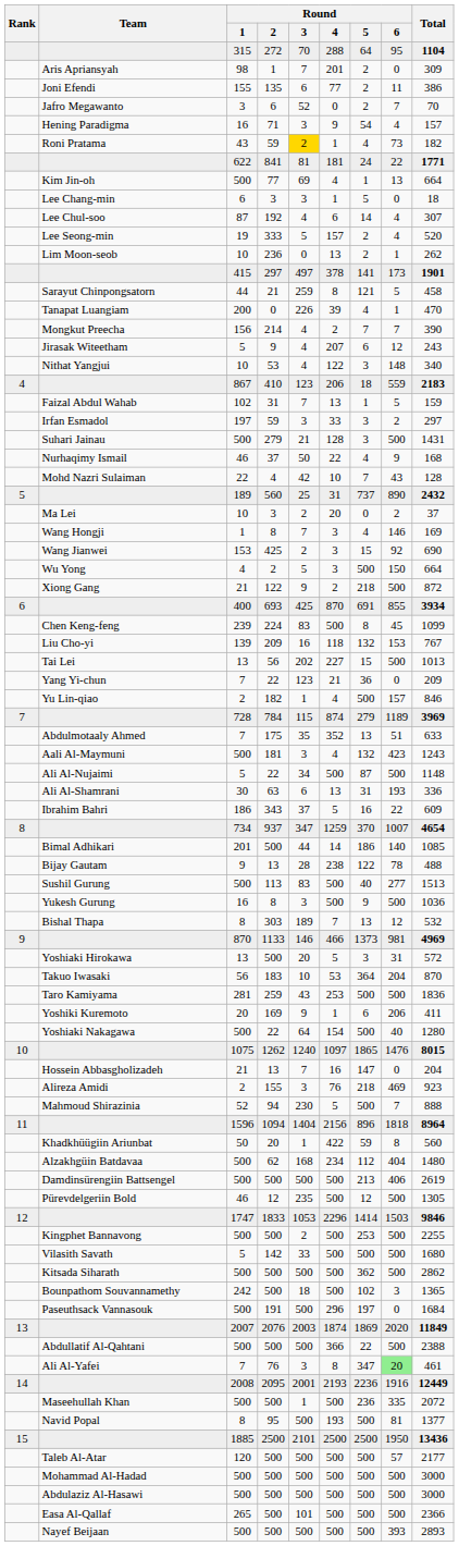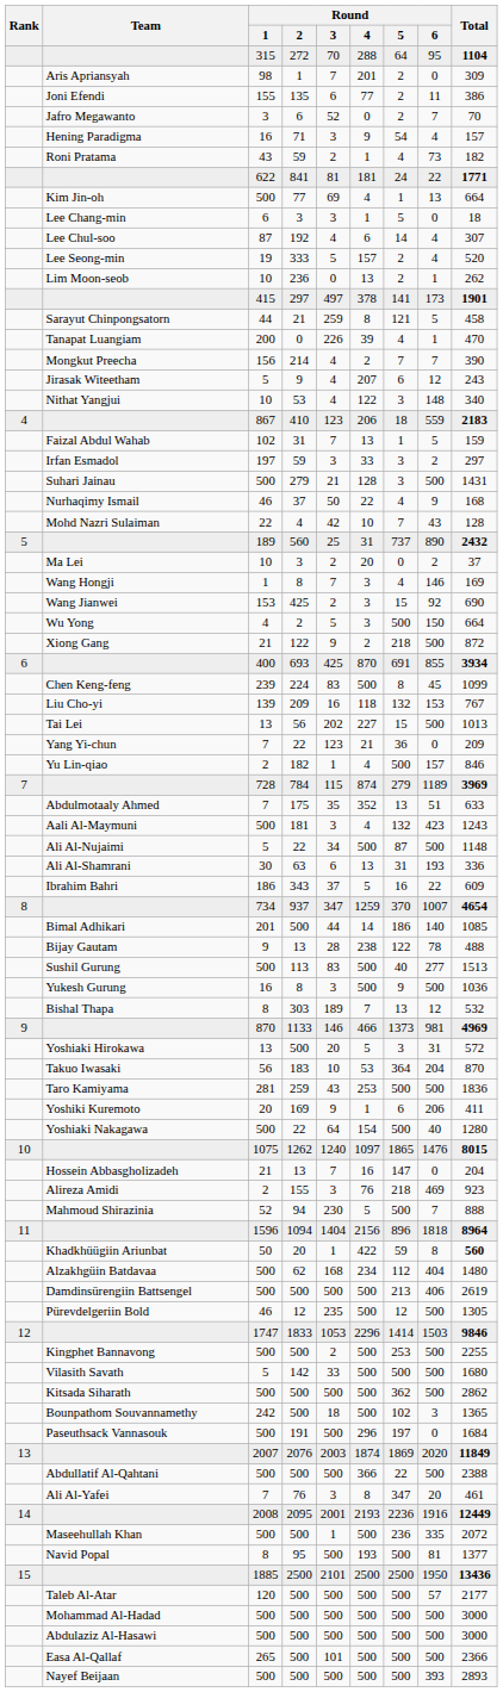 <table class=wikitable style="text-align:center">
 <tr>
 <th rowspan="2" width=40>Rank</th>
 <th rowspan="2" width=250>Team</th>
 <th colspan="6">Round</th>
 <th rowspan="2" width=50>Total</th>
 </tr>
 <tr>
 <th width=35>1</th>
 <th width=35>2</th>
 <th width=35>3</th>
 <th width=35>4</th>
 <th width=35>5</th>
 <th width=35>6</th>
 </tr>
 <tr style="background:#eeeeee;">
 <td></td>
 <td align=left></td>
 <td>315</td>
 <td>272</td>
 <td>70</td>
 <td>288</td>
 <td>64</td>
 <td>95</td>
 <td><strong>1104</strong></td>
 </tr>
 <tr>
 <td></td>
 <td align=left>Aris Apriansyah</td>
 <td>98</td>
 <td>1</td>
 <td>7</td>
 <td>201</td>
 <td>2</td>
 <td>0</td>
 <td>309</td>
 </tr>
 <tr>
 <td></td>
 <td align=left>Joni Efendi</td>
 <td>155</td>
 <td>135</td>
 <td>6</td>
 <td>77</td>
 <td>2</td>
 <td>11</td>
 <td>386</td>
 </tr>
 <tr>
 <td></td>
 <td align=left>Jafro Megawanto</td>
 <td>3</td>
 <td>6</td>
 <td>52</td>
 <td>0</td>
 <td>2</td>
 <td>7</td>
 <td>70</td>
 </tr>
 <tr>
 <td></td>
 <td align=left>Hening Paradigma</td>
 <td>16</td>
 <td>71</td>
 <td>3</td>
 <td>9</td>
 <td>54</td>
 <td>4</td>
 <td>157</td>
 </tr>
 <tr>
 <td></td>
 <td align=left>Roni Pratama</td>
 <td>43</td>
 <td>59</td>
-<td style="background: gold;">2</td>
+<td>2</td>
 <td>1</td>
 <td>4</td>
 <td>73</td>
 <td>182</td>
 </tr>
 <tr style="background:#eeeeee;">
 <td></td>
 <td align=left></td>
 <td>622</td>
 <td>841</td>
 <td>81</td>
 <td>181</td>
 <td>24</td>
 <td>22</td>
 <td><strong>1771</strong></td>
 </tr>
 <tr>
 <td></td>
 <td align=left>Kim Jin-oh</td>
 <td>500</td>
 <td>77</td>
 <td>69</td>
 <td>4</td>
 <td>1</td>
 <td>13</td>
 <td>664</td>
 </tr>
 <tr>
 <td></td>
 <td align=left>Lee Chang-min</td>
 <td>6</td>
 <td>3</td>
 <td>3</td>
 <td>1</td>
 <td>5</td>
 <td>0</td>
 <td>18</td>
 </tr>
 <tr>
 <td></td>
 <td align=left>Lee Chul-soo</td>
 <td>87</td>
 <td>192</td>
 <td>4</td>
 <td>6</td>
 <td>14</td>
 <td>4</td>
 <td>307</td>
 </tr>
 <tr>
 <td></td>
 <td align=left>Lee Seong-min</td>
 <td>19</td>
 <td>333</td>
 <td>5</td>
 <td>157</td>
 <td>2</td>
 <td>4</td>
 <td>520</td>
 </tr>
 <tr>
 <td></td>
 <td align=left>Lim Moon-seob</td>
 <td>10</td>
 <td>236</td>
 <td>0</td>
 <td>13</td>
 <td>2</td>
 <td>1</td>
 <td>262</td>
 </tr>
 <tr style="background:#eeeeee;">
 <td></td>
 <td align=left></td>
 <td>415</td>
 <td>297</td>
 <td>497</td>
 <td>378</td>
 <td>141</td>
 <td>173</td>
 <td><strong>1901</strong></td>
 </tr>
 <tr>
 <td></td>
 <td align=left>Sarayut Chinpongsatorn</td>
 <td>44</td>
 <td>21</td>
 <td>259</td>
 <td>8</td>
 <td>121</td>
 <td>5</td>
 <td>458</td>
 </tr>
 <tr>
 <td></td>
 <td align=left>Tanapat Luangiam</td>
 <td>200</td>
 <td>0</td>
 <td>226</td>
 <td>39</td>
 <td>4</td>
 <td>1</td>
 <td>470</td>
 </tr>
 <tr>
 <td></td>
 <td align=left>Mongkut Preecha</td>
 <td>156</td>
 <td>214</td>
 <td>4</td>
 <td>2</td>
 <td>7</td>
 <td>7</td>
 <td>390</td>
 </tr>
 <tr>
 <td></td>
 <td align=left>Jirasak Witeetham</td>
 <td>5</td>
 <td>9</td>
 <td>4</td>
 <td>207</td>
 <td>6</td>
 <td>12</td>
 <td>243</td>
 </tr>
 <tr>
 <td></td>
 <td align=left>Nithat Yangjui</td>
 <td>10</td>
 <td>53</td>
 <td>4</td>
 <td>122</td>
 <td>3</td>
 <td>148</td>
 <td>340</td>
 </tr>
 <tr style="background:#eeeeee;">
 <td>4</td>
 <td align=left></td>
 <td>867</td>
 <td>410</td>
 <td>123</td>
 <td>206</td>
 <td>18</td>
 <td>559</td>
 <td><strong>2183</strong></td>
 </tr>
 <tr>
 <td></td>
 <td align=left>Faizal Abdul Wahab</td>
 <td>102</td>
 <td>31</td>
 <td>7</td>
 <td>13</td>
 <td>1</td>
 <td>5</td>
 <td>159</td>
 </tr>
 <tr>
 <td></td>
 <td align=left>Irfan Esmadol</td>
 <td>197</td>
 <td>59</td>
 <td>3</td>
 <td>33</td>
 <td>3</td>
 <td>2</td>
 <td>297</td>
 </tr>
 <tr>
 <td></td>
 <td align=left>Suhari Jainau</td>
 <td>500</td>
 <td>279</td>
 <td>21</td>
 <td>128</td>
 <td>3</td>
 <td>500</td>
 <td>1431</td>
 </tr>
 <tr>
 <td></td>
 <td align=left>Nurhaqimy Ismail</td>
 <td>46</td>
 <td>37</td>
 <td>50</td>
 <td>22</td>
 <td>4</td>
 <td>9</td>
 <td>168</td>
 </tr>
 <tr>
 <td></td>
 <td align=left>Mohd Nazri Sulaiman</td>
 <td>22</td>
 <td>4</td>
 <td>42</td>
 <td>10</td>
 <td>7</td>
 <td>43</td>
 <td>128</td>
 </tr>
 <tr style="background:#eeeeee;">
 <td>5</td>
 <td align=left></td>
 <td>189</td>
 <td>560</td>
 <td>25</td>
 <td>31</td>
 <td>737</td>
 <td>890</td>
 <td><strong>2432</strong></td>
 </tr>
 <tr>
 <td></td>
 <td align=left>Ma Lei</td>
 <td>10</td>
 <td>3</td>
 <td>2</td>
 <td>20</td>
 <td>0</td>
 <td>2</td>
 <td>37</td>
 </tr>
 <tr>
 <td></td>
 <td align=left>Wang Hongji</td>
 <td>1</td>
 <td>8</td>
 <td>7</td>
 <td>3</td>
 <td>4</td>
 <td>146</td>
 <td>169</td>
 </tr>
 <tr>
 <td></td>
 <td align=left>Wang Jianwei</td>
 <td>153</td>
 <td>425</td>
 <td>2</td>
 <td>3</td>
 <td>15</td>
 <td>92</td>
 <td>690</td>
 </tr>
 <tr>
 <td></td>
 <td align=left>Wu Yong</td>
 <td>4</td>
 <td>2</td>
 <td>5</td>
 <td>3</td>
 <td>500</td>
 <td>150</td>
 <td>664</td>
 </tr>
 <tr>
 <td></td>
 <td align=left>Xiong Gang</td>
 <td>21</td>
 <td>122</td>
 <td>9</td>
 <td>2</td>
 <td>218</td>
 <td>500</td>
 <td>872</td>
 </tr>
 <tr style="background:#eeeeee;">
 <td>6</td>
 <td align=left></td>
 <td>400</td>
 <td>693</td>
 <td>425</td>
 <td>870</td>
 <td>691</td>
 <td>855</td>
 <td><strong>3934</strong></td>
 </tr>
 <tr>
 <td></td>
 <td align=left>Chen Keng-feng</td>
 <td>239</td>
 <td>224</td>
 <td>83</td>
 <td>500</td>
 <td>8</td>
 <td>45</td>
 <td>1099</td>
 </tr>
 <tr>
 <td></td>
 <td align=left>Liu Cho-yi</td>
 <td>139</td>
 <td>209</td>
 <td>16</td>
 <td>118</td>
 <td>132</td>
 <td>153</td>
 <td>767</td>
 </tr>
 <tr>
 <td></td>
 <td align=left>Tai Lei</td>
 <td>13</td>
 <td>56</td>
 <td>202</td>
 <td>227</td>
 <td>15</td>
 <td>500</td>
 <td>1013</td>
 </tr>
 <tr>
 <td></td>
 <td align=left>Yang Yi-chun</td>
 <td>7</td>
 <td>22</td>
 <td>123</td>
 <td>21</td>
 <td>36</td>
 <td>0</td>
 <td>209</td>
 </tr>
 <tr>
 <td></td>
 <td align=left>Yu Lin-qiao</td>
 <td>2</td>
 <td>182</td>
 <td>1</td>
 <td>4</td>
 <td>500</td>
 <td>157</td>
 <td>846</td>
 </tr>
 <tr style="background:#eeeeee;">
 <td>7</td>
 <td align=left></td>
 <td>728</td>
 <td>784</td>
 <td>115</td>
 <td>874</td>
 <td>279</td>
 <td>1189</td>
 <td><strong>3969</strong></td>
 </tr>
 <tr>
 <td></td>
 <td align=left>Abdulmotaaly Ahmed</td>
 <td>7</td>
 <td>175</td>
 <td>35</td>
 <td>352</td>
 <td>13</td>
 <td>51</td>
 <td>633</td>
 </tr>
 <tr>
 <td></td>
 <td align=left>Aali Al-Maymuni</td>
 <td>500</td>
 <td>181</td>
 <td>3</td>
 <td>4</td>
 <td>132</td>
 <td>423</td>
 <td>1243</td>
 </tr>
 <tr>
 <td></td>
 <td align=left>Ali Al-Nujaimi</td>
 <td>5</td>
 <td>22</td>
 <td>34</td>
 <td>500</td>
 <td>87</td>
 <td>500</td>
 <td>1148</td>
 </tr>
 <tr>
 <td></td>
 <td align=left>Ali Al-Shamrani</td>
 <td>30</td>
 <td>63</td>
 <td>6</td>
 <td>13</td>
 <td>31</td>
 <td>193</td>
 <td>336</td>
 </tr>
 <tr>
 <td></td>
 <td align=left>Ibrahim Bahri</td>
 <td>186</td>
 <td>343</td>
 <td>37</td>
 <td>5</td>
 <td>16</td>
 <td>22</td>
 <td>609</td>
 </tr>
 <tr style="background:#eeeeee;">
 <td>8</td>
 <td align=left></td>
 <td>734</td>
 <td>937</td>
 <td>347</td>
 <td>1259</td>
 <td>370</td>
 <td>1007</td>
 <td><strong>4654</strong></td>
 </tr>
 <tr>
 <td></td>
 <td align=left>Bimal Adhikari</td>
 <td>201</td>
 <td>500</td>
 <td>44</td>
 <td>14</td>
 <td>186</td>
 <td>140</td>
 <td>1085</td>
 </tr>
 <tr>
 <td></td>
 <td align=left>Bijay Gautam</td>
 <td>9</td>
 <td>13</td>
 <td>28</td>
 <td>238</td>
 <td>122</td>
 <td>78</td>
 <td>488</td>
 </tr>
 <tr>
 <td></td>
 <td align=left>Sushil Gurung</td>
 <td>500</td>
 <td>113</td>
 <td>83</td>
 <td>500</td>
 <td>40</td>
 <td>277</td>
 <td>1513</td>
 </tr>
 <tr>
 <td></td>
 <td align=left>Yukesh Gurung</td>
 <td>16</td>
 <td>8</td>
 <td>3</td>
 <td>500</td>
 <td>9</td>
 <td>500</td>
 <td>1036</td>
 </tr>
 <tr>
 <td></td>
 <td align=left>Bishal Thapa</td>
 <td>8</td>
 <td>303</td>
 <td>189</td>
 <td>7</td>
 <td>13</td>
 <td>12</td>
 <td>532</td>
 </tr>
 <tr style="background:#eeeeee;">
 <td>9</td>
 <td align=left></td>
 <td>870</td>
 <td>1133</td>
 <td>146</td>
 <td>466</td>
 <td>1373</td>
 <td>981</td>
 <td><strong>4969</strong></td>
 </tr>
 <tr>
 <td></td>
 <td align=left>Yoshiaki Hirokawa</td>
 <td>13</td>
 <td>500</td>
 <td>20</td>
 <td>5</td>
 <td>3</td>
 <td>31</td>
 <td>572</td>
 </tr>
 <tr>
 <td></td>
 <td align=left>Takuo Iwasaki</td>
 <td>56</td>
 <td>183</td>
 <td>10</td>
 <td>53</td>
 <td>364</td>
 <td>204</td>
 <td>870</td>
 </tr>
 <tr>
 <td></td>
 <td align=left>Taro Kamiyama</td>
 <td>281</td>
 <td>259</td>
 <td>43</td>
 <td>253</td>
 <td>500</td>
 <td>500</td>
 <td>1836</td>
 </tr>
 <tr>
 <td></td>
 <td align=left>Yoshiki Kuremoto</td>
 <td>20</td>
 <td>169</td>
 <td>9</td>
 <td>1</td>
 <td>6</td>
 <td>206</td>
 <td>411</td>
 </tr>
 <tr>
 <td></td>
 <td align=left>Yoshiaki Nakagawa</td>
 <td>500</td>
 <td>22</td>
 <td>64</td>
 <td>154</td>
 <td>500</td>
 <td>40</td>
 <td>1280</td>
 </tr>
 <tr style="background:#eeeeee;">
 <td>10</td>
 <td align=left></td>
 <td>1075</td>
 <td>1262</td>
 <td>1240</td>
 <td>1097</td>
 <td>1865</td>
 <td>1476</td>
 <td><strong>8015</strong></td>
 </tr>
 <tr>
 <td></td>
 <td align=left>Hossein Abbasgholizadeh</td>
 <td>21</td>
 <td>13</td>
 <td>7</td>
 <td>16</td>
 <td>147</td>
 <td>0</td>
 <td>204</td>
 </tr>
 <tr>
 <td></td>
 <td align=left>Alireza Amidi</td>
 <td>2</td>
 <td>155</td>
 <td>3</td>
 <td>76</td>
 <td>218</td>
 <td>469</td>
 <td>923</td>
 </tr>
 <tr>
 <td></td>
 <td align=left>Mahmoud Shirazinia</td>
 <td>52</td>
 <td>94</td>
 <td>230</td>
 <td>5</td>
 <td>500</td>
 <td>7</td>
 <td>888</td>
 </tr>
 <tr style="background:#eeeeee;">
 <td>11</td>
 <td align=left></td>
 <td>1596</td>
 <td>1094</td>
 <td>1404</td>
 <td>2156</td>
 <td>896</td>
 <td>1818</td>
 <td><strong>8964</strong></td>
 </tr>
 <tr>
 <td></td>
 <td align=left>Khadkhüügiin Ariunbat</td>
 <td>50</td>
 <td>20</td>
 <td>1</td>
 <td>422</td>
 <td>59</td>
 <td>8</td>
-<td>560</td>
+<td><strong>560</strong></td>
 </tr>
 <tr>
 <td></td>
 <td align=left>Alzakhgüin Batdavaa</td>
 <td>500</td>
 <td>62</td>
 <td>168</td>
 <td>234</td>
 <td>112</td>
 <td>404</td>
 <td>1480</td>
 </tr>
 <tr>
 <td></td>
 <td align=left>Damdinsürengiin Battsengel</td>
 <td>500</td>
 <td>500</td>
 <td>500</td>
 <td>500</td>
 <td>213</td>
 <td>406</td>
 <td>2619</td>
 </tr>
 <tr>
 <td></td>
 <td align=left>Pürevdelgeriin Bold</td>
 <td>46</td>
 <td>12</td>
 <td>235</td>
 <td>500</td>
 <td>12</td>
 <td>500</td>
 <td>1305</td>
 </tr>
 <tr style="background:#eeeeee;">
 <td>12</td>
 <td align=left></td>
 <td>1747</td>
 <td>1833</td>
 <td>1053</td>
 <td>2296</td>
 <td>1414</td>
 <td>1503</td>
 <td><strong>9846</strong></td>
 </tr>
 <tr>
 <td></td>
 <td align=left>Kingphet Bannavong</td>
 <td>500</td>
 <td>500</td>
 <td>2</td>
 <td>500</td>
 <td>253</td>
 <td>500</td>
 <td>2255</td>
 </tr>
 <tr>
 <td></td>
 <td align=left>Vilasith Savath</td>
 <td>5</td>
 <td>142</td>
 <td>33</td>
 <td>500</td>
 <td>500</td>
 <td>500</td>
 <td>1680</td>
 </tr>
 <tr>
 <td></td>
 <td align=left>Kitsada Siharath</td>
 <td>500</td>
 <td>500</td>
 <td>500</td>
 <td>500</td>
 <td>362</td>
 <td>500</td>
 <td>2862</td>
 </tr>
 <tr>
 <td></td>
 <td align=left>Bounpathom Souvannamethy</td>
 <td>242</td>
 <td>500</td>
 <td>18</td>
 <td>500</td>
 <td>102</td>
 <td>3</td>
 <td>1365</td>
 </tr>
 <tr>
 <td></td>
 <td align=left>Paseuthsack Vannasouk</td>
 <td>500</td>
 <td>191</td>
 <td>500</td>
 <td>296</td>
 <td>197</td>
 <td>0</td>
 <td>1684</td>
 </tr>
 <tr style="background:#eeeeee;">
 <td>13</td>
 <td align=left></td>
 <td>2007</td>
 <td>2076</td>
 <td>2003</td>
 <td>1874</td>
 <td>1869</td>
 <td>2020</td>
 <td><strong>11849</strong></td>
 </tr>
 <tr>
 <td></td>
 <td align=left>Abdullatif Al-Qahtani</td>
 <td>500</td>
 <td>500</td>
 <td>500</td>
 <td>366</td>
 <td>22</td>
 <td>500</td>
 <td>2388</td>
 </tr>
 <tr>
 <td></td>
 <td align=left>Ali Al-Yafei</td>
 <td>7</td>
 <td>76</td>
 <td>3</td>
 <td>8</td>
 <td>347</td>
-<td style="background: lightgreen;">20</td>
+<td>20</td>
 <td>461</td>
 </tr>
 <tr style="background:#eeeeee;">
 <td>14</td>
 <td align=left></td>
 <td>2008</td>
 <td>2095</td>
 <td>2001</td>
 <td>2193</td>
 <td>2236</td>
 <td>1916</td>
 <td><strong>12449</strong></td>
 </tr>
 <tr>
 <td></td>
 <td align=left>Maseehullah Khan</td>
 <td>500</td>
 <td>500</td>
 <td>1</td>
 <td>500</td>
 <td>236</td>
 <td>335</td>
 <td>2072</td>
 </tr>
 <tr>
 <td></td>
 <td align=left>Navid Popal</td>
 <td>8</td>
 <td>95</td>
 <td>500</td>
 <td>193</td>
 <td>500</td>
 <td>81</td>
 <td>1377</td>
 </tr>
 <tr style="background:#eeeeee;">
 <td>15</td>
 <td align=left></td>
 <td>1885</td>
 <td>2500</td>
 <td>2101</td>
 <td>2500</td>
 <td>2500</td>
 <td>1950</td>
 <td><strong>13436</strong></td>
 </tr>
 <tr>
 <td></td>
 <td align=left>Taleb Al-Atar</td>
 <td>120</td>
 <td>500</td>
 <td>500</td>
 <td>500</td>
 <td>500</td>
 <td>57</td>
 <td>2177</td>
 </tr>
 <tr>
 <td></td>
 <td align=left>Mohammad Al-Hadad</td>
 <td>500</td>
 <td>500</td>
 <td>500</td>
 <td>500</td>
 <td>500</td>
 <td>500</td>
 <td>3000</td>
 </tr>
 <tr>
 <td></td>
 <td align=left>Abdulaziz Al-Hasawi</td>
 <td>500</td>
 <td>500</td>
 <td>500</td>
 <td>500</td>
 <td>500</td>
 <td>500</td>
 <td>3000</td>
 </tr>
 <tr>
 <td></td>
 <td align=left>Easa Al-Qallaf</td>
 <td>265</td>
 <td>500</td>
 <td>101</td>
 <td>500</td>
 <td>500</td>
 <td>500</td>
 <td>2366</td>
 </tr>
 <tr>
 <td></td>
 <td align=left>Nayef Beijaan</td>
 <td>500</td>
 <td>500</td>
 <td>500</td>
 <td>500</td>
 <td>500</td>
 <td>393</td>
 <td>2893</td>
 </tr>
 </table>
